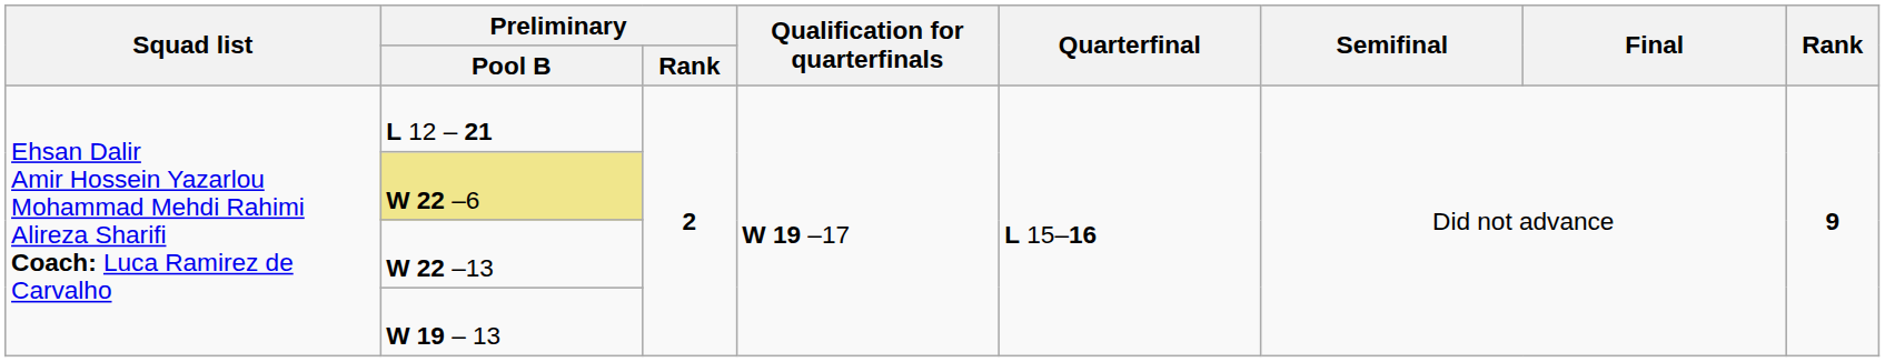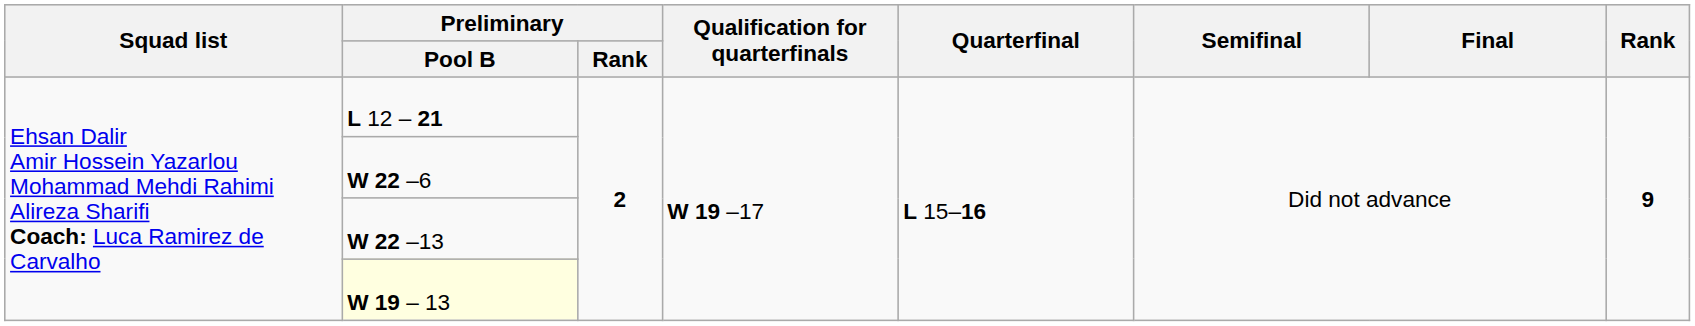 <table class="wikitable" width="85%" style="text-align:left; font-size:90%">
 <tr>
 <th rowspan="2" width="20%">Squad list</th>
 <th colspan="2">Preliminary</th>
 <th rowspan="2" width="14%">Qualification for quarterfinals</th>
 <th rowspan="2" width="14%">Quarterfinal</th>
 <th rowspan="2" width="14%">Semifinal</th>
 <th rowspan="2" width="14%">Final</th>
 <th rowspan="2" width="5%">Rank</th>
 </tr>
 <tr>
 <th width="14%">Pool B</th>
 <th width="5%">Rank</th>
 </tr>
 <tr>
 <td rowspan="4"><a href='#'>Ehsan Dalir</a><br><a href='#'>Amir Hossein Yazarlou</a><br><a href='#'>Mohammad Mehdi Rahimi</a><br><a href='#'>Alireza Sharifi</a><br> <strong>Coach:</strong>  <a href='#'>Luca Ramirez de Carvalho</a></td>
 <td><br><strong>L</strong> 12 – <strong>21</strong></td>
 <td rowspan="4" align=center><strong>2</strong> <strong></strong></td>
 <td rowspan="4"><br><strong>W</strong> <strong>19</strong> –17</td>
 <td rowspan="4"><br><strong>L</strong> 15–<strong>16</strong></td>
 <td rowspan="4" colspan="2" align=center>Did not advance</td>
 <td rowspan="4" align="center"><strong>9</strong></td>
 </tr>
 <tr>
-<td style="background: khaki;"><br><strong>W</strong> <strong>22</strong> –6</td>
+<td><br><strong>W</strong> <strong>22</strong> –6</td>
 </tr>
 <tr>
 <td><br><strong>W</strong> <strong>22</strong> –13</td>
 </tr>
 <tr>
-<td><br><strong>W</strong> <strong>19</strong> – 13</td>
+<td style="background: lightyellow;"><br><strong>W</strong> <strong>19</strong> – 13</td>
 </tr>
 </table>
